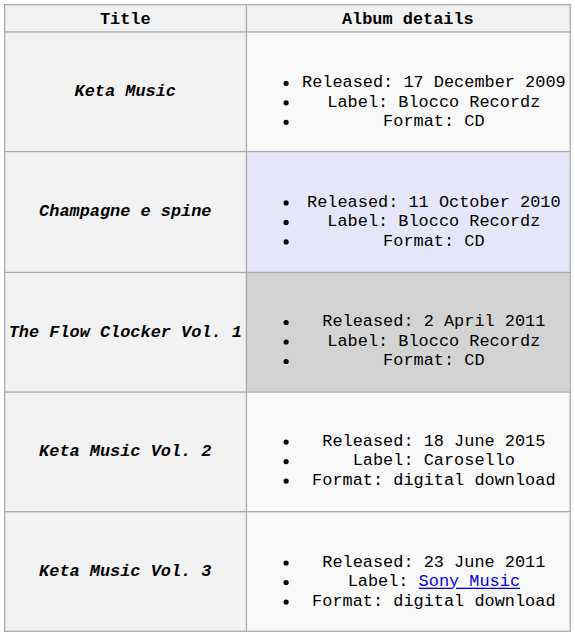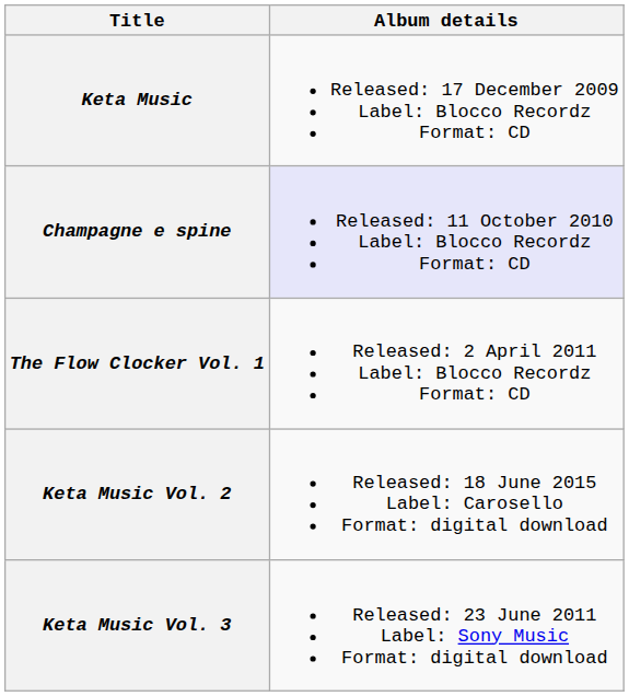 <table class="wikitable plainrowheaders" style="text-align:center;">
 <tr>
 <th scope="col">Title</th>
 <th scope="col">Album details</th>
 </tr>
 <tr>
 <th scope="row"><em>Keta Music</em></th>
 <td><br><ul><li>Released: 17 December 2009</li><li>Label: Blocco Recordz</li><li>Format: CD</li></ul></td>
 </tr>
 <tr>
 <th scope="row"><em>Champagne e spine</em></th>
 <td style="background: lavender;"><br><ul><li>Released: 11 October 2010</li><li>Label: Blocco Recordz</li><li>Format: CD</li></ul></td>
 </tr>
 <tr>
 <th scope="row"><em>The Flow Clocker Vol. 1</em></th>
-<td style="background: lightgrey;"><br><ul><li>Released: 2 April 2011</li><li>Label: Blocco Recordz</li><li>Format: CD</li></ul></td>
+<td><br><ul><li>Released: 2 April 2011</li><li>Label: Blocco Recordz</li><li>Format: CD</li></ul></td>
 </tr>
 <tr>
 <th scope="row"><em>Keta Music Vol. 2</em></th>
 <td><br><ul><li>Released: 18 June 2015</li><li>Label: Carosello</li><li>Format: digital download</li></ul></td>
 </tr>
 <tr>
 <th scope="row"><em>Keta Music Vol. 3</em></th>
 <td><br><ul><li>Released: 23 June 2011</li><li>Label: <a href='#'>Sony Music</a></li><li>Format: digital download</li></ul></td>
 </tr>
 </table>
